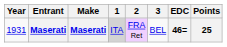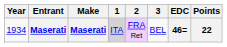 <table class="wikitable" style="text-align:center; font-size:85%">
 <tr>
 <th>Year</th>
 <th>Entrant</th>
 <th>Make</th>
 <th>1</th>
 <th>2</th>
 <th>3</th>
 <th>EDC</th>
 <th>Points</th>
 </tr>
 <tr>
-<td><a href='#'>1931</a></td>
+<td><a href='#'>1934</a></td>
 <th><a href='#'>Maserati</a></th>
 <th><a href='#'>Maserati</a></th>
 <td style="background: lightgrey;"><a href='#'>ITA</a><br><small></small></td>
 <td style="background:#efcfff;"><a href='#'>FRA</a><br><small>Ret</small></td>
 <td><a href='#'>BEL</a><br><small></small></td>
 <th>46=</th>
-<th>25</th>
+<th>22</th>
 </tr>
 </table>
